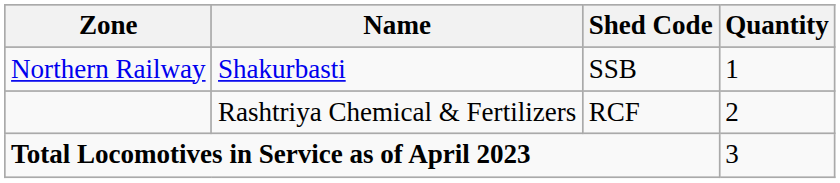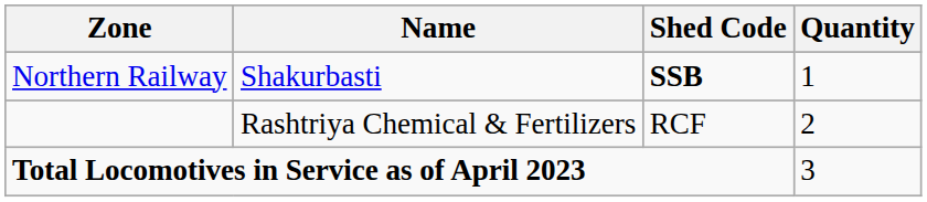 <table class="wikitable">
 <tr>
 <th>Zone</th>
 <th>Name</th>
 <th>Shed Code</th>
 <th>Quantity</th>
 </tr>
 <tr>
 <td><a href='#'>Northern Railway</a></td>
 <td><a href='#'>Shakurbasti</a></td>
-<td>SSB</td>
+<td><strong>SSB</strong></td>
 <td>1</td>
 </tr>
 <tr>
 <td></td>
 <td>Rashtriya Chemical & Fertilizers</td>
 <td>RCF</td>
 <td>2</td>
 </tr>
 <tr>
 <td colspan="3"><strong>Total Locomotives in Service as of April 2023</strong></td>
 <td>3</td>
 </tr>
 </table>
